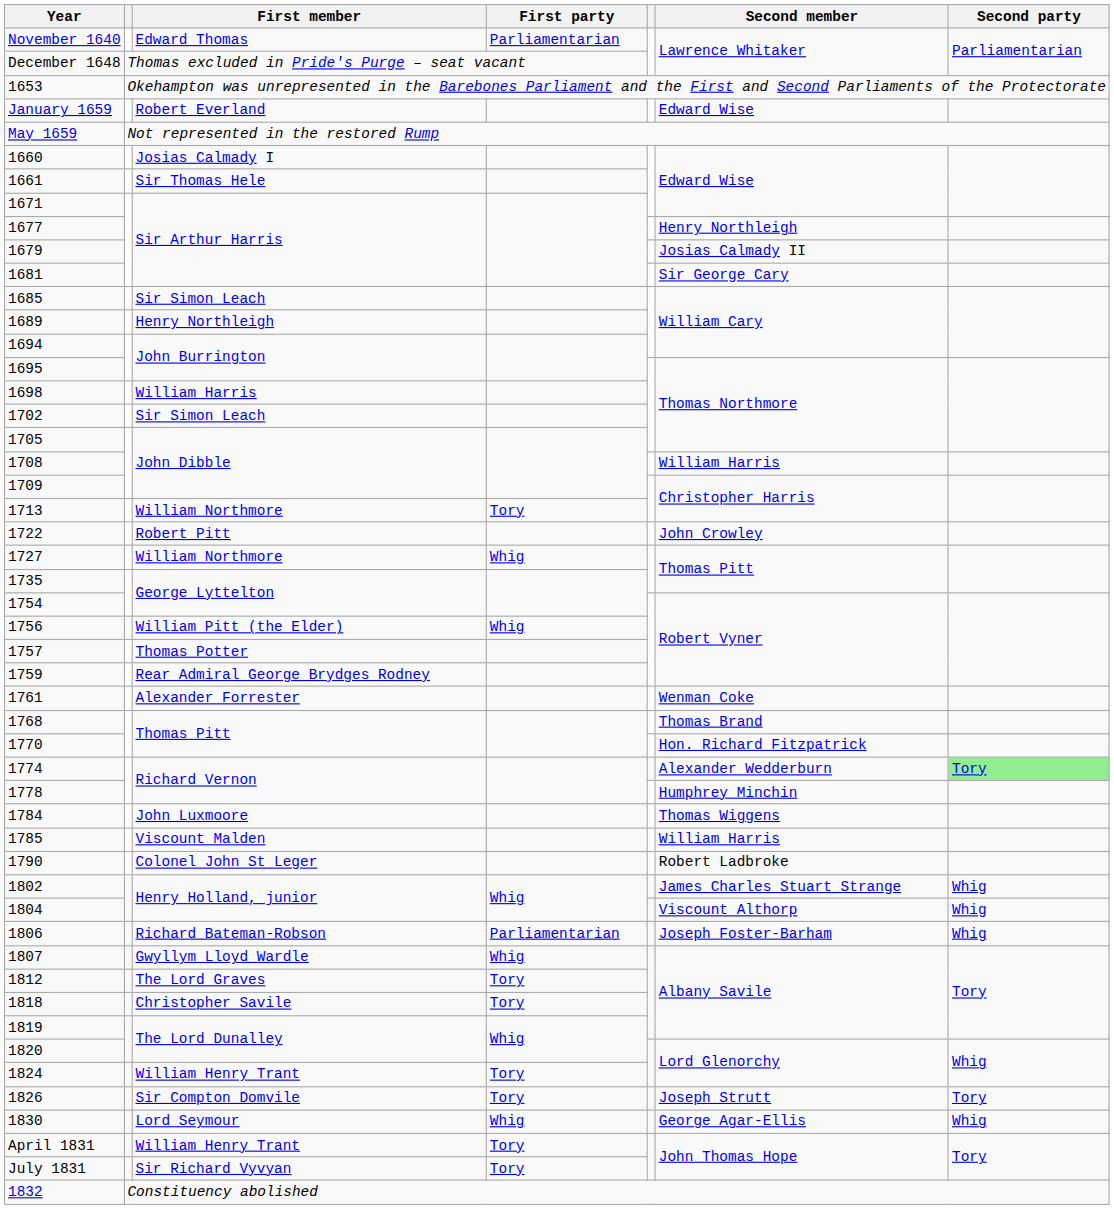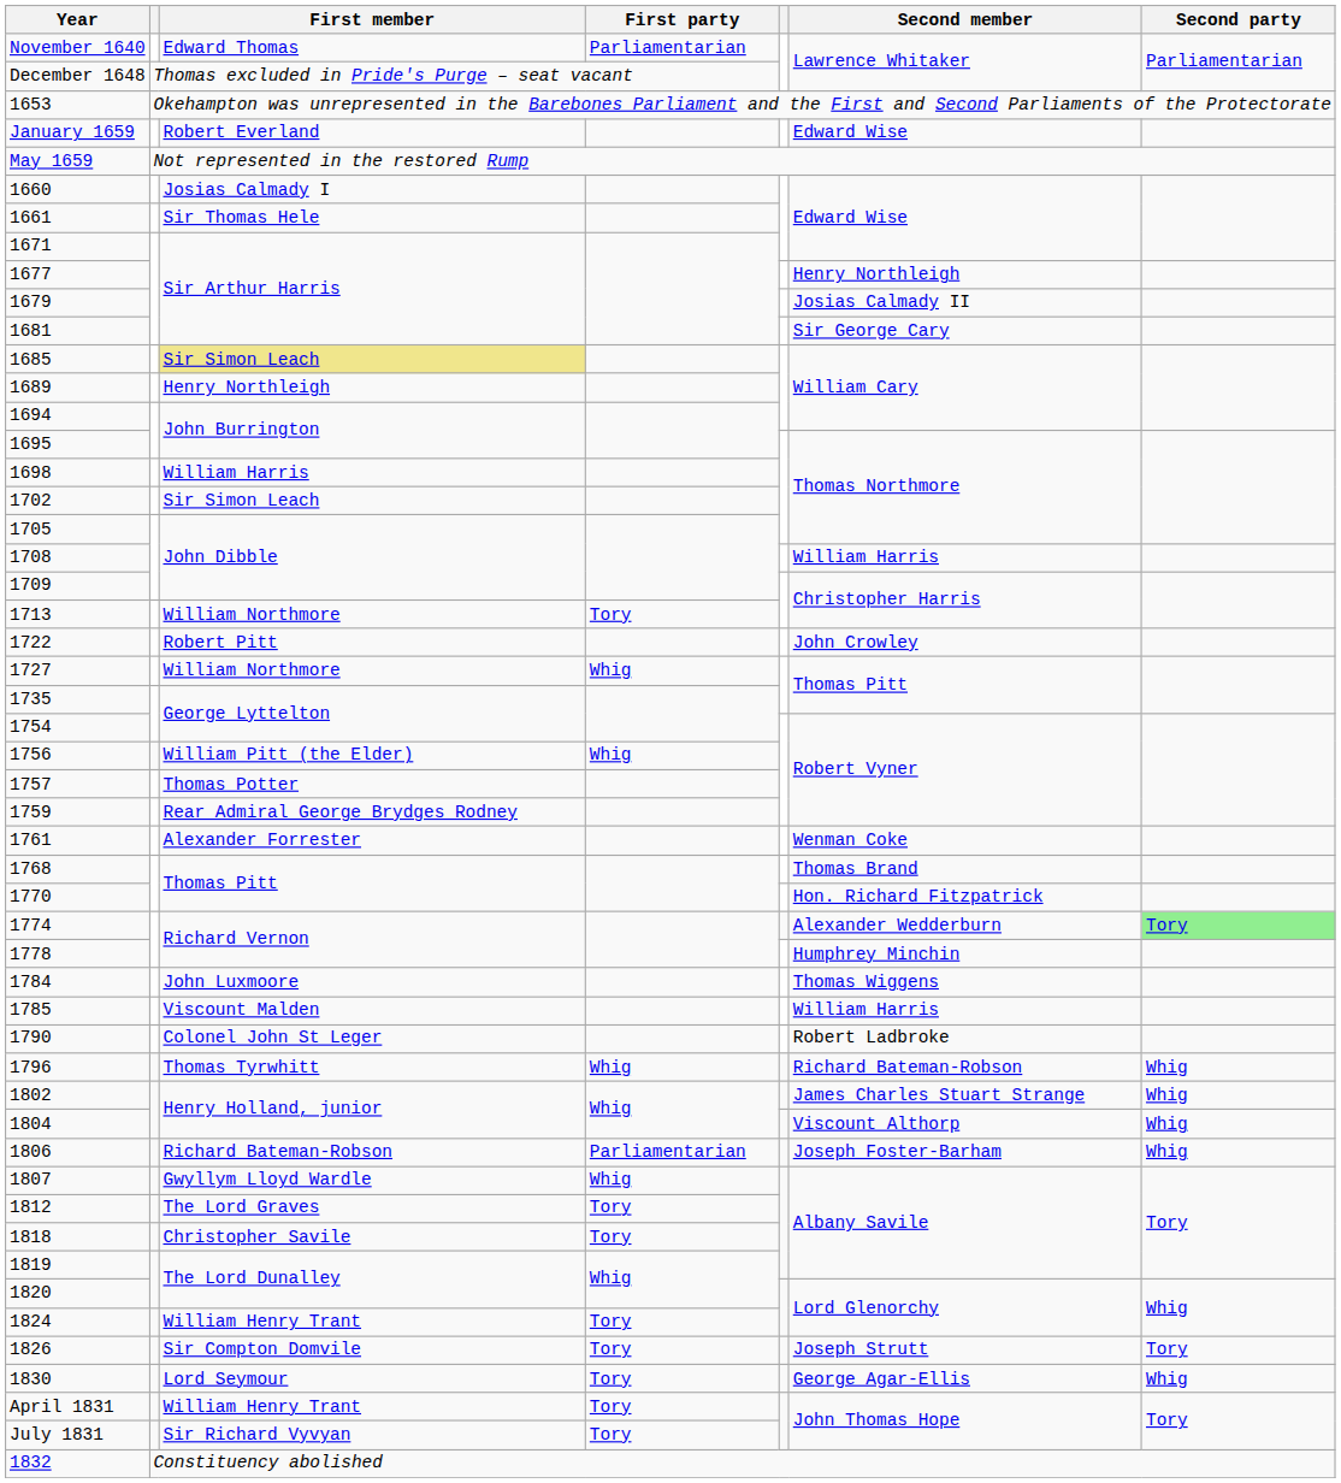 <table class="wikitable">
 <tr>
 <th>Year</th>
 <th></th>
 <th>First member</th>
 <th>First party</th>
 <th></th>
 <th>Second member</th>
 <th>Second party</th>
 </tr>
 <tr>
 <td><a href='#'>November 1640</a></td>
 <td style="color:inherit;background-color: white"></td>
 <td><a href='#'>Edward Thomas</a></td>
 <td><a href='#'>Parliamentarian</a></td>
 <td rowspan="2" style="color:inherit;background-color: white"></td>
 <td rowspan="2"><a href='#'>Lawrence Whitaker</a></td>
 <td rowspan="2"><a href='#'>Parliamentarian</a></td>
 </tr>
 <tr>
 <td>December 1648</td>
 <td colspan="3"><em>Thomas excluded in <a href='#'>Pride's Purge</a> – seat vacant</em></td>
 </tr>
 <tr>
 <td>1653</td>
 <td colspan="6"><em>Okehampton was unrepresented in the <a href='#'>Barebones Parliament</a> and the <a href='#'>First</a> and <a href='#'>Second</a> Parliaments of the Protectorate</em></td>
 </tr>
 <tr>
 <td><a href='#'>January 1659</a></td>
 <td style="color:inherit;background-color: white"></td>
 <td><a href='#'>Robert Everland</a></td>
 <td></td>
 <td style="color:inherit;background-color: white"></td>
 <td><a href='#'>Edward Wise</a></td>
 <td></td>
 </tr>
 <tr>
 <td><a href='#'>May 1659</a></td>
 <td colspan="6"><em>Not represented in the restored <a href='#'>Rump</a></em></td>
 </tr>
 <tr>
 <td>1660</td>
 <td style="color:inherit;background-color: white"></td>
 <td><a href='#'>Josias Calmady</a> I</td>
 <td></td>
 <td rowspan="3" style="color:inherit;background-color: white"></td>
 <td rowspan="3"><a href='#'>Edward Wise</a></td>
 <td rowspan="3"></td>
 </tr>
 <tr>
 <td>1661</td>
 <td style="color:inherit;background-color: white"></td>
 <td><a href='#'>Sir Thomas Hele</a></td>
 <td></td>
 </tr>
 <tr>
 <td>1671</td>
 <td rowspan="4" style="color:inherit;background-color: white"></td>
 <td rowspan="4"><a href='#'>Sir Arthur Harris</a></td>
 <td rowspan="4"></td>
 </tr>
 <tr>
 <td>1677</td>
 <td style="color:inherit;background-color: white"></td>
 <td><a href='#'>Henry Northleigh</a></td>
 <td></td>
 </tr>
 <tr>
 <td>1679</td>
 <td style="color:inherit;background-color: white"></td>
 <td><a href='#'>Josias Calmady</a> II</td>
 <td></td>
 </tr>
 <tr>
 <td>1681</td>
 <td style="color:inherit;background-color: white"></td>
 <td><a href='#'>Sir George Cary</a></td>
 <td></td>
 </tr>
 <tr>
 <td>1685</td>
 <td style="color:inherit;background-color: white"></td>
-<td><a href='#'>Sir Simon Leach</a></td>
+<td style="background: khaki;"><a href='#'>Sir Simon Leach</a></td>
 <td></td>
 <td rowspan="3" style="color:inherit;background-color: white"></td>
 <td rowspan="3"><a href='#'>William Cary</a></td>
 <td rowspan="3"></td>
 </tr>
 <tr>
 <td>1689</td>
 <td style="color:inherit;background-color: white"></td>
 <td><a href='#'>Henry Northleigh</a></td>
 <td></td>
 </tr>
 <tr>
 <td>1694</td>
 <td rowspan="2" style="color:inherit;background-color: white"></td>
 <td rowspan="2"><a href='#'>John Burrington</a></td>
 <td rowspan="2"></td>
 </tr>
 <tr>
 <td>1695</td>
 <td rowspan="4" style="color:inherit;background-color: white"></td>
 <td rowspan="4"><a href='#'>Thomas Northmore</a></td>
 <td rowspan="4"></td>
 </tr>
 <tr>
 <td>1698</td>
 <td style="color:inherit;background-color: white"></td>
 <td><a href='#'>William Harris</a></td>
 <td></td>
 </tr>
 <tr>
 <td>1702</td>
 <td style="color:inherit;background-color: white"></td>
 <td><a href='#'>Sir Simon Leach</a></td>
 <td></td>
 </tr>
 <tr>
 <td>1705</td>
 <td rowspan="3" style="color:inherit;background-color: white"></td>
 <td rowspan="3"><a href='#'>John Dibble</a></td>
 <td rowspan="3"></td>
 </tr>
 <tr>
 <td>1708</td>
 <td style="color:inherit;background-color: white"></td>
 <td><a href='#'>William Harris</a></td>
 <td></td>
 </tr>
 <tr>
 <td>1709</td>
 <td rowspan="2" style="color:inherit;background-color: white"></td>
 <td rowspan="2"><a href='#'>Christopher Harris</a></td>
 <td rowspan="2"></td>
 </tr>
 <tr>
 <td>1713</td>
 <td style="color:inherit;background-color: white"></td>
 <td><a href='#'>William Northmore</a></td>
 <td><a href='#'>Tory</a></td>
 </tr>
 <tr>
 <td>1722</td>
 <td style="color:inherit;background-color: white"></td>
 <td><a href='#'>Robert Pitt</a></td>
 <td></td>
 <td style="color:inherit;background-color: white"></td>
 <td><a href='#'>John Crowley</a></td>
 <td></td>
 </tr>
 <tr>
 <td>1727</td>
 <td style="color:inherit;background-color: white"></td>
 <td><a href='#'>William Northmore</a></td>
 <td><a href='#'>Whig</a></td>
 <td rowspan="2" style="color:inherit;background-color: white"></td>
 <td rowspan="2"><a href='#'>Thomas Pitt</a></td>
 <td rowspan="2"></td>
 </tr>
 <tr>
 <td>1735</td>
 <td rowspan="2"  style="color:inherit;background-color: white"></td>
 <td rowspan="2"><a href='#'>George Lyttelton</a></td>
 <td rowspan="2"></td>
 </tr>
 <tr>
 <td>1754</td>
 <td rowspan="4" style="color:inherit;background-color: white"></td>
 <td rowspan="4"><a href='#'>Robert Vyner</a></td>
 <td rowspan="4"></td>
 </tr>
 <tr>
 <td>1756</td>
 <td style="color:inherit;background-color: "></td>
 <td><a href='#'>William Pitt (the Elder)</a></td>
 <td><a href='#'>Whig</a></td>
 </tr>
 <tr>
 <td>1757</td>
 <td style="color:inherit;background-color: white"></td>
 <td><a href='#'>Thomas Potter</a></td>
 <td></td>
 </tr>
 <tr>
 <td>1759</td>
 <td style="color:inherit;background-color: white"></td>
 <td><a href='#'>Rear Admiral George Brydges Rodney</a></td>
 <td></td>
 </tr>
 <tr>
 <td>1761</td>
 <td style="color:inherit;background-color: white"></td>
 <td><a href='#'>Alexander Forrester</a></td>
 <td></td>
 <td style="color:inherit;background-color: white"></td>
 <td><a href='#'>Wenman Coke</a></td>
 <td></td>
 </tr>
 <tr>
 <td>1768</td>
 <td rowspan="2" style="color:inherit;background-color: white"></td>
 <td rowspan="2"><a href='#'>Thomas Pitt</a></td>
 <td rowspan="2"></td>
 <td style="color:inherit;background-color: white"></td>
 <td><a href='#'>Thomas Brand</a></td>
 <td></td>
 </tr>
 <tr>
 <td>1770</td>
 <td style="color:inherit;background-color: white"></td>
 <td><a href='#'>Hon. Richard Fitzpatrick</a></td>
 <td></td>
 </tr>
 <tr>
 <td>1774</td>
 <td rowspan="2" style="color:inherit;background-color: white"></td>
 <td rowspan="2"><a href='#'>Richard Vernon</a></td>
 <td rowspan="2"></td>
 <td style="color:inherit;background-color: "></td>
 <td><a href='#'>Alexander Wedderburn</a></td>
 <td style="background: lightgreen;"><a href='#'>Tory</a></td>
 </tr>
 <tr>
 <td>1778</td>
 <td style="color:inherit;background-color: white"></td>
 <td><a href='#'>Humphrey Minchin</a></td>
 <td></td>
 </tr>
 <tr>
 <td>1784</td>
 <td style="color:inherit;background-color: white"></td>
 <td><a href='#'>John Luxmoore</a></td>
 <td></td>
 <td style="color:inherit;background-color: white"></td>
 <td><a href='#'>Thomas Wiggens</a></td>
 <td></td>
 </tr>
 <tr>
 <td>1785</td>
 <td style="color:inherit;background-color: white"></td>
 <td><a href='#'>Viscount Malden</a></td>
 <td></td>
 <td style="color:inherit;background-color: white"></td>
 <td><a href='#'>William Harris</a></td>
 <td></td>
 </tr>
 <tr>
 <td>1790</td>
 <td style="color:inherit;background-color: white"></td>
 <td><a href='#'>Colonel John St Leger</a></td>
 <td></td>
 <td style="color:inherit;background-color: white"></td>
 <td>Robert Ladbroke</td>
 <td></td>
 </tr>
 <tr>
+<td>1796</td>
+<td style="color:inherit;background-color: "></td>
+<td><a href='#'>Thomas Tyrwhitt</a></td>
+<td><a href='#'>Whig</a></td>
+<td style="color:inherit;background-color: "></td>
+<td><a href='#'>Richard Bateman-Robson</a></td>
+<td><a href='#'>Whig</a></td>
+</tr>
+<tr>
 <td>1802</td>
 <td rowspan="2" style="color:inherit;background-color: "></td>
 <td rowspan="2"><a href='#'>Henry Holland, junior</a></td>
 <td rowspan="2"><a href='#'>Whig</a></td>
 <td style="color:inherit;background-color: "></td>
 <td><a href='#'>James Charles Stuart Strange</a></td>
 <td><a href='#'>Whig</a></td>
 </tr>
 <tr>
 <td>1804</td>
 <td style="color:inherit;background-color: "></td>
 <td><a href='#'>Viscount Althorp</a></td>
 <td><a href='#'>Whig</a></td>
 </tr>
 <tr>
 <td>1806</td>
 <td style="color:inherit;background-color: "></td>
 <td><a href='#'>Richard Bateman-Robson</a></td>
 <td><a href='#'>Parliamentarian</a></td>
 <td style="color:inherit;background-color: "></td>
 <td><a href='#'>Joseph Foster-Barham</a></td>
 <td><a href='#'>Whig</a></td>
 </tr>
 <tr>
 <td>1807</td>
 <td style="color:inherit;background-color: "></td>
 <td><a href='#'>Gwyllym Lloyd Wardle</a></td>
 <td><a href='#'>Whig</a></td>
 <td rowspan="4" style="color:inherit;background-color: "></td>
 <td rowspan="4"><a href='#'>Albany Savile</a></td>
 <td rowspan="4"><a href='#'>Tory</a></td>
 </tr>
 <tr>
 <td>1812</td>
 <td style="color:inherit;background-color: "></td>
 <td><a href='#'>The Lord Graves</a></td>
 <td><a href='#'>Tory</a></td>
 </tr>
 <tr>
 <td>1818</td>
 <td style="color:inherit;background-color: "></td>
 <td><a href='#'>Christopher Savile</a></td>
 <td><a href='#'>Tory</a></td>
 </tr>
 <tr>
 <td>1819</td>
 <td rowspan="2" style="color:inherit;background-color: "></td>
 <td rowspan="2"><a href='#'>The Lord Dunalley</a></td>
 <td rowspan="2"><a href='#'>Whig</a></td>
 </tr>
 <tr>
 <td>1820</td>
 <td rowspan="2" style="color:inherit;background-color: "></td>
 <td rowspan="2"><a href='#'>Lord Glenorchy</a></td>
 <td rowspan="2"><a href='#'>Whig</a></td>
 </tr>
 <tr>
 <td>1824</td>
 <td style="color:inherit;background-color: "></td>
 <td><a href='#'>William Henry Trant</a></td>
 <td><a href='#'>Tory</a></td>
 </tr>
 <tr>
 <td>1826</td>
 <td style="color:inherit;background-color: "></td>
 <td><a href='#'>Sir Compton Domvile</a></td>
 <td><a href='#'>Tory</a></td>
 <td style="color:inherit;background-color: "></td>
 <td><a href='#'>Joseph Strutt</a></td>
 <td><a href='#'>Tory</a></td>
 </tr>
 <tr>
 <td>1830</td>
 <td style="color:inherit;background-color: "></td>
 <td><a href='#'>Lord Seymour</a></td>
-<td><a href='#'>Whig</a></td>
+<td><a href='#'>Tory</a></td>
 <td style="color:inherit;background-color: "></td>
 <td><a href='#'>George Agar-Ellis</a></td>
 <td><a href='#'>Whig</a></td>
 </tr>
 <tr>
 <td>April 1831</td>
 <td style="color:inherit;background-color: "></td>
 <td><a href='#'>William Henry Trant</a></td>
 <td><a href='#'>Tory</a></td>
 <td rowspan="2" style="color:inherit;background-color: "></td>
 <td rowspan="2"><a href='#'>John Thomas Hope</a></td>
 <td rowspan="2"><a href='#'>Tory</a></td>
 </tr>
 <tr>
 <td>July 1831</td>
 <td style="color:inherit;background-color: "></td>
 <td><a href='#'>Sir Richard Vyvyan</a></td>
 <td><a href='#'>Tory</a></td>
 </tr>
 <tr>
 <td><a href='#'>1832</a></td>
 <td colspan="6"><em>Constituency abolished</em></td>
 </tr>
 </table>
